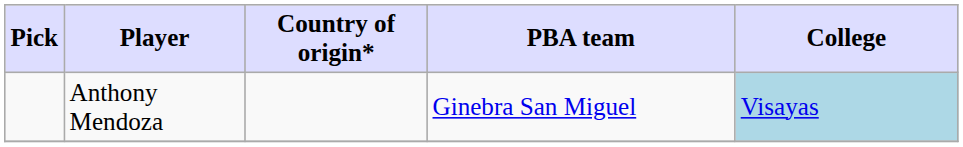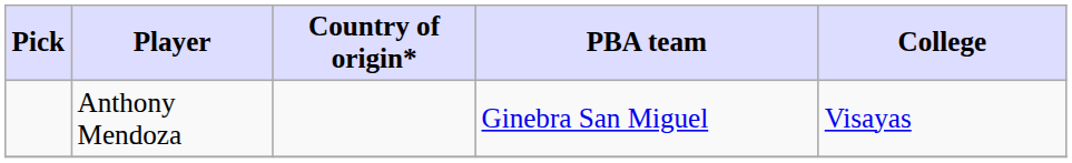 <table class="wikitable">
 <tr>
 <th style="background:#DDDDFF;">Pick</th>
 <th style="background:#DDDDFF;" width="20%">Player</th>
 <th style="background:#DDDDFF;" width="20%">Country of origin*</th>
 <th style="background:#DDDDFF;" width="35%">PBA team</th>
 <th style="background:#DDDDFF;" width="25%">College</th>
 </tr>
 <tr>
 <td align=center></td>
 <td>Anthony Mendoza</td>
 <td></td>
 <td><a href='#'>Ginebra San Miguel</a></td>
-<td style="background: lightblue;"><a href='#'>Visayas</a></td>
+<td><a href='#'>Visayas</a></td>
 </tr>
 <tr>
 </tr>
 </table>
